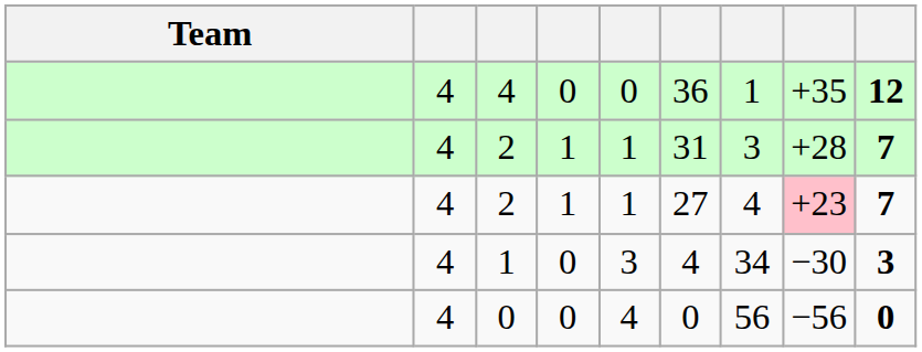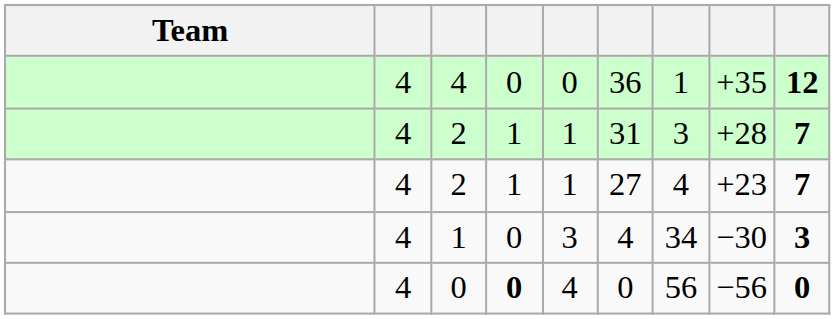 <table class="wikitable" style="text-align: center;">
 <tr>
 <th width=175>Team</th>
 <th width=20></th>
 <th width=20></th>
 <th width=20></th>
 <th width=20></th>
 <th width=20></th>
 <th width=20></th>
 <th width=20></th>
 <th width=20></th>
 </tr>
 <tr bgcolor=#ccffcc>
 <td style="text-align:left;"></td>
 <td>4</td>
 <td>4</td>
 <td>0</td>
 <td>0</td>
 <td>36</td>
 <td>1</td>
 <td>+35</td>
 <td><strong>12</strong></td>
 </tr>
 <tr bgcolor=#ccffcc>
 <td style="text-align:left;"></td>
 <td>4</td>
 <td>2</td>
 <td>1</td>
 <td>1</td>
 <td>31</td>
 <td>3</td>
 <td>+28</td>
 <td><strong>7</strong></td>
 </tr>
 <tr>
 <td style="text-align:left;"></td>
 <td>4</td>
 <td>2</td>
 <td>1</td>
 <td>1</td>
 <td>27</td>
 <td>4</td>
-<td style="background: pink;">+23</td>
+<td>+23</td>
 <td><strong>7</strong></td>
 </tr>
 <tr>
 <td style="text-align:left;"></td>
 <td>4</td>
 <td>1</td>
 <td>0</td>
 <td>3</td>
 <td>4</td>
 <td>34</td>
 <td>−30</td>
 <td><strong>3</strong></td>
 </tr>
 <tr>
 <td style="text-align:left;"></td>
 <td>4</td>
 <td>0</td>
-<td>0</td>
+<td><strong>0</strong></td>
 <td>4</td>
 <td>0</td>
 <td>56</td>
 <td>−56</td>
 <td><strong>0</strong></td>
 </tr>
 </table>
